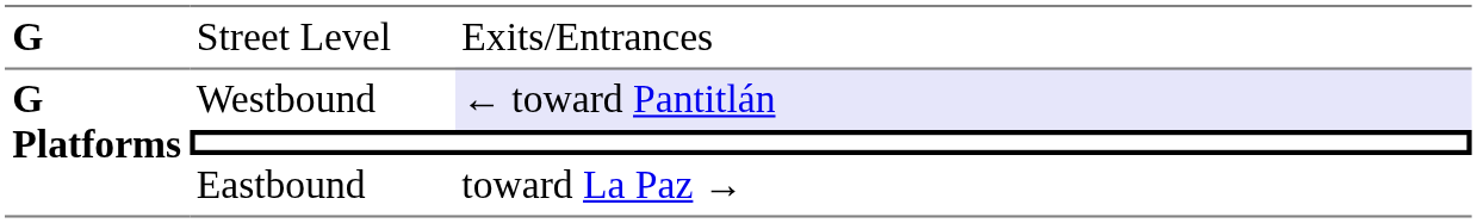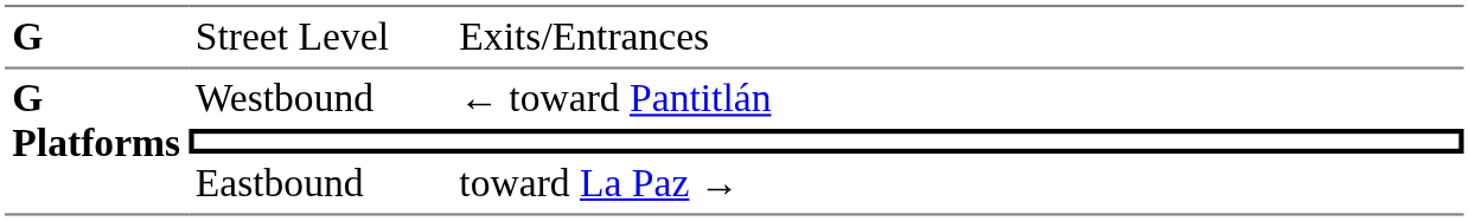 <table border=0 cellspacing=0 cellpadding=3>
 <tr>
 <td style="border-top:solid 1px gray;" width=50 valign=top><strong>G</strong></td>
 <td style="border-top:solid 1px gray;" width=100 valign=top>Street Level</td>
 <td style="border-top:solid 1px gray;" width=400 valign=top>Exits/Entrances</td>
 </tr>
 <tr>
 <td style="border-bottom:solid 1px gray;border-top:solid 1px gray;" width=50 rowspan=3 valign=top><strong>G<br>Platforms</strong></td>
 <td style="border-top:solid 1px gray;" width=100>Westbound</td>
-<td style="background: lavender; border-top:solid 1px gray;" width=390>←  toward <a href='#'>Pantitlán</a> </td>
+<td style="border-top:solid 1px gray;" width=390>←  toward <a href='#'>Pantitlán</a> </td>
 </tr>
 <tr>
 <td style="border-top:solid 2px black;border-right:solid 2px black;border-left:solid 2px black;border-bottom:solid 2px black;text-align:center;" colspan=2></td>
 </tr>
 <tr>
 <td style="border-bottom:solid 1px gray;">Eastbound</td>
 <td style="border-bottom:solid 1px gray;">  toward <a href='#'>La Paz</a> →</td>
 </tr>
 </table>
